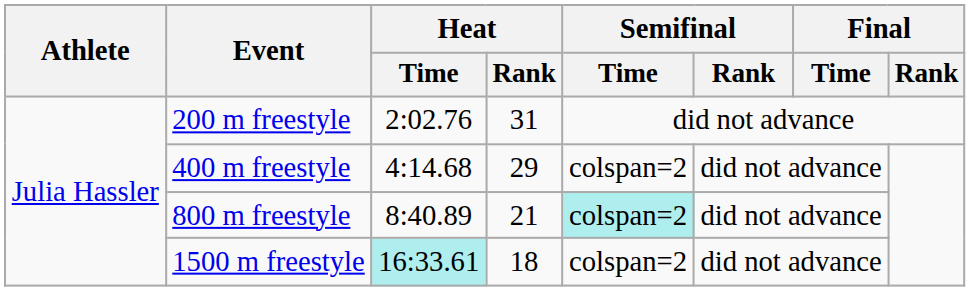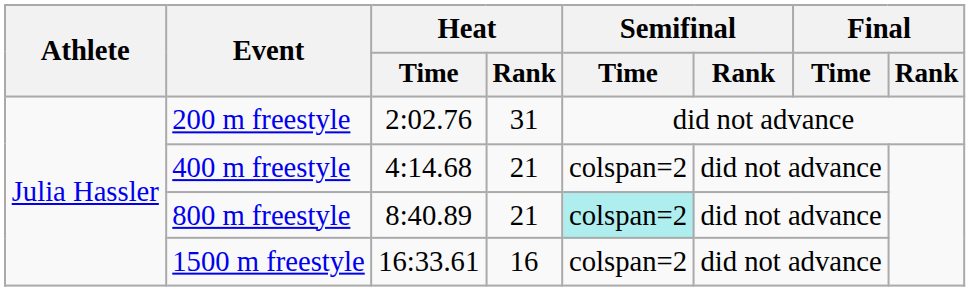 <table class=wikitable style="font-size:90%">
 <tr>
 <th rowspan="2">Athlete</th>
 <th rowspan="2">Event</th>
 <th colspan="2">Heat</th>
 <th colspan="2">Semifinal</th>
 <th colspan="2">Final</th>
 </tr>
 <tr style="font-size:95%">
 <th>Time</th>
 <th>Rank</th>
 <th>Time</th>
 <th>Rank</th>
 <th>Time</th>
 <th>Rank</th>
 </tr>
 <tr align=center>
 <td align=left rowspan=4><a href='#'>Julia Hassler</a></td>
 <td align=left><a href='#'>200 m freestyle</a></td>
 <td>2:02.76</td>
 <td>31</td>
 <td colspan=4>did not advance</td>
 </tr>
 <tr align=center>
 <td align=left><a href='#'>400 m freestyle</a></td>
 <td>4:14.68</td>
-<td>29</td>
+<td>21</td>
 <td>colspan=2 </td>
 <td colspan=2>did not advance</td>
 </tr>
 <tr align=center>
 <td align=left><a href='#'>800 m freestyle</a></td>
 <td>8:40.89</td>
 <td>21</td>
 <td style="background: paleturquoise;">colspan=2 </td>
 <td colspan=2>did not advance</td>
 </tr>
 <tr align=center>
 <td align=left><a href='#'>1500 m freestyle</a></td>
-<td style="background: paleturquoise;">16:33.61</td>
-<td>18</td>
+<td>16:33.61</td>
+<td>16</td>
 <td>colspan=2 </td>
 <td colspan=2>did not advance</td>
 </tr>
 </table>
